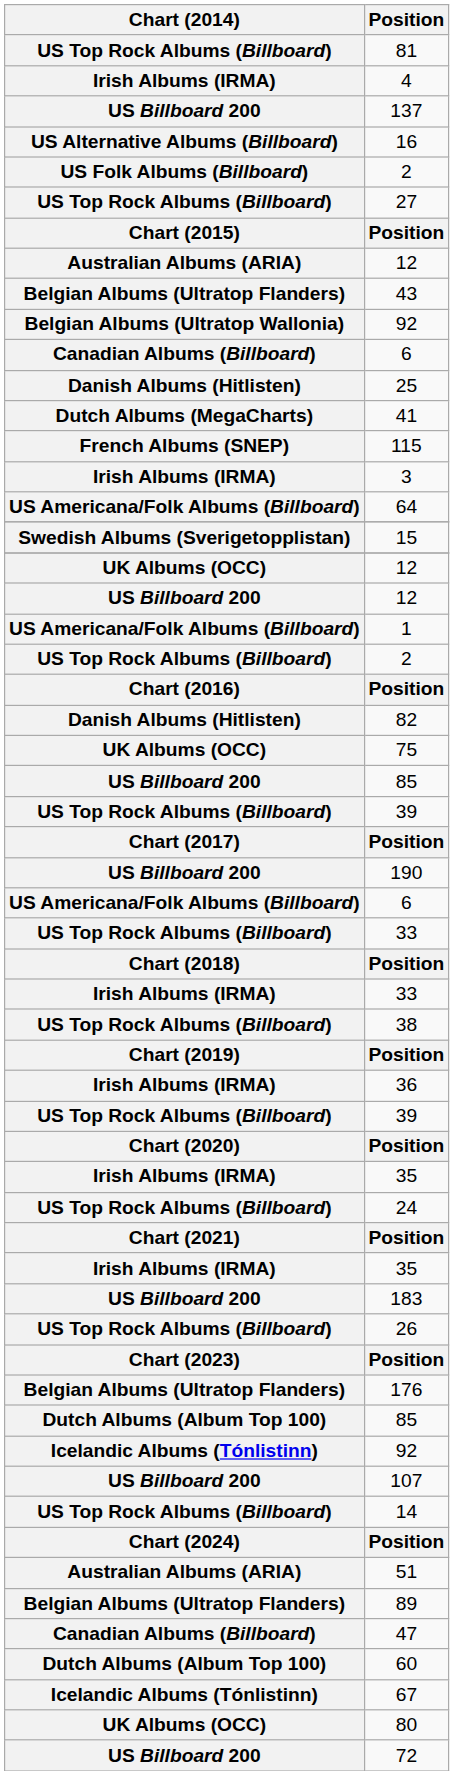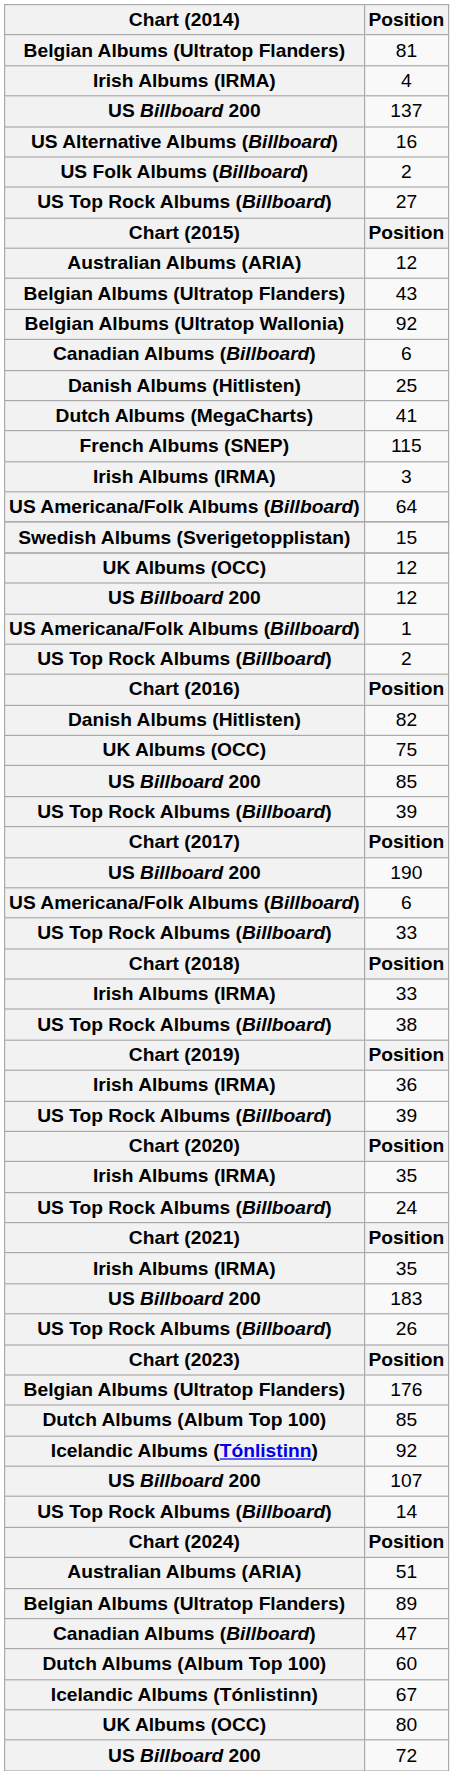 <table class="wikitable sortable plainrowheaders" style="text-align:center">
 <tr>
 <th scope="col">Chart (2014)</th>
 <th scope="col">Position</th>
 </tr>
 <tr>
-<th scope="row">US Top Rock Albums (<em>Billboard</em>)</th>
+<th scope="row">Belgian Albums (Ultratop Flanders)</th>
 <td>81</td>
 </tr>
 <tr>
 <th scope="row">Irish Albums (IRMA)</th>
 <td>4</td>
 </tr>
 <tr>
 <th scope="row">US <em>Billboard</em> 200</th>
 <td>137</td>
 </tr>
 <tr>
 <th scope="row">US Alternative Albums (<em>Billboard</em>)</th>
 <td>16</td>
 </tr>
 <tr>
 <th scope="row">US Folk Albums (<em>Billboard</em>)</th>
 <td>2</td>
 </tr>
 <tr>
 <th scope="row">US Top Rock Albums (<em>Billboard</em>)</th>
 <td>27</td>
 </tr>
 <tr>
 <th scope="col">Chart (2015)</th>
 <th scope="col">Position</th>
 </tr>
 <tr>
 <th scope="row">Australian Albums (ARIA)</th>
 <td>12</td>
 </tr>
 <tr>
 <th scope="row">Belgian Albums (Ultratop Flanders)</th>
 <td>43</td>
 </tr>
 <tr>
 <th scope="row">Belgian Albums (Ultratop Wallonia)</th>
 <td>92</td>
 </tr>
 <tr>
 <th scope="row">Canadian Albums (<em>Billboard</em>)</th>
 <td>6</td>
 </tr>
 <tr>
 <th scope="row">Danish Albums (Hitlisten)</th>
 <td>25</td>
 </tr>
 <tr>
 <th scope="row">Dutch Albums (MegaCharts)</th>
 <td>41</td>
 </tr>
 <tr>
 <th scope="row">French Albums (SNEP)</th>
 <td>115</td>
 </tr>
 <tr>
 <th scope="row">Irish Albums (IRMA)</th>
 <td>3</td>
 </tr>
 <tr>
 <th scope="row">US Americana/Folk Albums (<em>Billboard</em>)</th>
 <td>64</td>
 </tr>
 <tr>
 </tr>
 <tr>
 <th scope="row">Swedish Albums (Sverigetopplistan)</th>
 <td>15</td>
 </tr>
 <tr>
 </tr>
 <tr>
 <th scope="row">UK Albums (OCC)</th>
 <td>12</td>
 </tr>
 <tr>
 <th scope="row">US <em>Billboard</em> 200</th>
 <td>12</td>
 </tr>
 <tr>
 <th scope="row">US Americana/Folk Albums (<em>Billboard</em>)</th>
 <td>1</td>
 </tr>
 <tr>
 <th scope="row">US Top Rock Albums (<em>Billboard</em>)</th>
 <td>2</td>
 </tr>
 <tr>
 <th scope="col">Chart (2016)</th>
 <th scope="col">Position</th>
 </tr>
 <tr>
 <th scope="row">Danish Albums (Hitlisten)</th>
 <td>82</td>
 </tr>
 <tr>
 <th scope="row">UK Albums (OCC)</th>
 <td>75</td>
 </tr>
 <tr>
 <th scope="row">US <em>Billboard</em> 200</th>
 <td>85</td>
 </tr>
 <tr>
 <th scope="row">US Top Rock Albums (<em>Billboard</em>)</th>
 <td>39</td>
 </tr>
 <tr>
 <th scope="col">Chart (2017)</th>
 <th scope="col">Position</th>
 </tr>
 <tr>
 <th scope="row">US <em>Billboard</em> 200</th>
 <td>190</td>
 </tr>
 <tr>
 <th scope="row">US Americana/Folk Albums (<em>Billboard</em>)</th>
 <td>6</td>
 </tr>
 <tr>
 <th scope="row">US Top Rock Albums (<em>Billboard</em>)</th>
 <td>33</td>
 </tr>
 <tr>
 <th scope="col">Chart (2018)</th>
 <th scope="col">Position</th>
 </tr>
 <tr>
 <th scope="row">Irish Albums (IRMA)</th>
 <td>33</td>
 </tr>
 <tr>
 <th scope="row">US Top Rock Albums (<em>Billboard</em>)</th>
 <td>38</td>
 </tr>
 <tr>
 <th scope="col">Chart (2019)</th>
 <th scope="col">Position</th>
 </tr>
 <tr>
 <th scope="row">Irish Albums (IRMA)</th>
 <td>36</td>
 </tr>
 <tr>
 <th scope="row">US Top Rock Albums (<em>Billboard</em>)</th>
 <td>39</td>
 </tr>
 <tr>
 <th scope="col">Chart (2020)</th>
 <th scope="col">Position</th>
 </tr>
 <tr>
 <th scope="row">Irish Albums (IRMA)</th>
 <td>35</td>
 </tr>
 <tr>
 <th scope="row">US Top Rock Albums (<em>Billboard</em>)</th>
 <td>24</td>
 </tr>
 <tr>
 <th scope="col">Chart (2021)</th>
 <th scope="col">Position</th>
 </tr>
 <tr>
 <th scope="row">Irish Albums (IRMA)</th>
 <td>35</td>
 </tr>
 <tr>
 <th scope="row">US <em>Billboard</em> 200</th>
 <td>183</td>
 </tr>
 <tr>
 <th scope="row">US Top Rock Albums (<em>Billboard</em>)</th>
 <td>26</td>
 </tr>
 <tr>
 <th scope="col">Chart (2023)</th>
 <th scope="col">Position</th>
 </tr>
 <tr>
 <th scope="row">Belgian Albums (Ultratop Flanders)</th>
 <td>176</td>
 </tr>
 <tr>
 <th scope="row">Dutch Albums (Album Top 100)</th>
 <td>85</td>
 </tr>
 <tr>
 <th scope="row">Icelandic Albums (<a href='#'>Tónlistinn</a>)</th>
 <td>92</td>
 </tr>
 <tr>
 <th scope="row">US <em>Billboard</em> 200</th>
 <td>107</td>
 </tr>
 <tr>
 <th scope="row">US Top Rock Albums (<em>Billboard</em>)</th>
 <td>14</td>
 </tr>
 <tr>
 <th scope="col">Chart (2024)</th>
 <th scope="col">Position</th>
 </tr>
 <tr>
 <th scope="row">Australian Albums (ARIA)</th>
 <td>51</td>
 </tr>
 <tr>
 <th scope="row">Belgian Albums (Ultratop Flanders)</th>
 <td>89</td>
 </tr>
 <tr>
 <th scope="row">Canadian Albums (<em>Billboard</em>)</th>
 <td>47</td>
 </tr>
 <tr>
 <th scope="row">Dutch Albums (Album Top 100)</th>
 <td>60</td>
 </tr>
 <tr>
 <th scope="row">Icelandic Albums (Tónlistinn)</th>
 <td>67</td>
 </tr>
 <tr>
 <th scope="row">UK Albums (OCC)</th>
 <td>80</td>
 </tr>
 <tr>
 <th scope="row">US <em>Billboard</em> 200</th>
 <td>72</td>
 </tr>
 </table>
